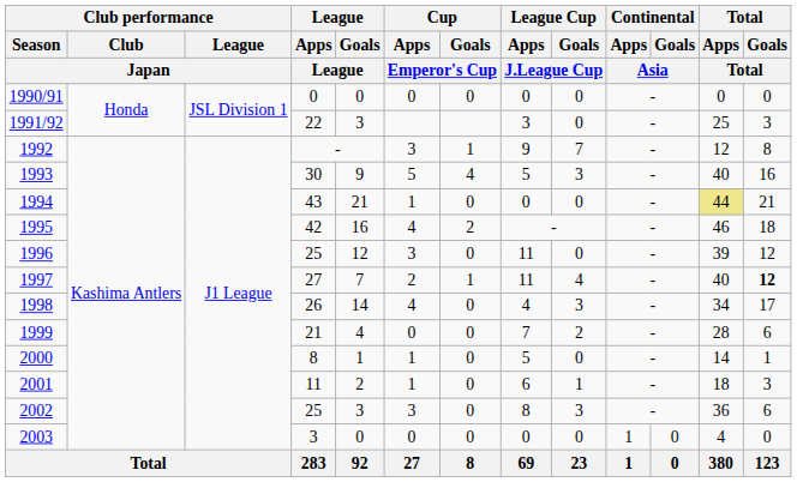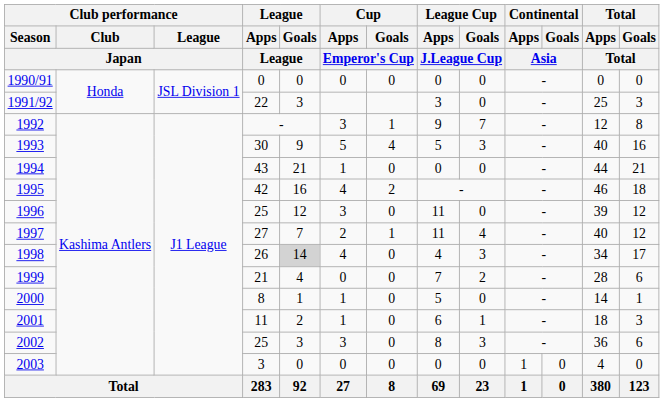 <table class="wikitable" style="text-align:center;">
 <tr>
 <th colspan=3>Club performance</th>
 <th colspan=2>League</th>
 <th colspan=2>Cup</th>
 <th colspan=2>League Cup</th>
 <th colspan=2>Continental</th>
 <th colspan=2>Total</th>
 </tr>
 <tr>
 <th>Season</th>
 <th>Club</th>
 <th>League</th>
 <th>Apps</th>
 <th>Goals</th>
 <th>Apps</th>
 <th>Goals</th>
 <th>Apps</th>
 <th>Goals</th>
 <th>Apps</th>
 <th>Goals</th>
 <th>Apps</th>
 <th>Goals</th>
 </tr>
 <tr>
 <th colspan=3>Japan</th>
 <th colspan=2>League</th>
 <th colspan=2><a href='#'>Emperor's Cup</a></th>
 <th colspan=2><a href='#'>J.League Cup</a></th>
 <th colspan=2><a href='#'>Asia</a></th>
 <th colspan=2>Total</th>
 </tr>
 <tr>
 <td><a href='#'>1990/91</a></td>
 <td rowspan="2"><a href='#'>Honda</a></td>
 <td rowspan="2"><a href='#'>JSL Division 1</a></td>
 <td>0</td>
 <td>0</td>
 <td>0</td>
 <td>0</td>
 <td>0</td>
 <td>0</td>
 <td colspan="2">-</td>
 <td>0</td>
 <td>0</td>
 </tr>
 <tr>
 <td><a href='#'>1991/92</a></td>
 <td>22</td>
 <td>3</td>
 <td></td>
 <td></td>
 <td>3</td>
 <td>0</td>
 <td colspan="2">-</td>
 <td>25</td>
 <td>3</td>
 </tr>
 <tr>
 <td><a href='#'>1992</a></td>
 <td rowspan="12"><a href='#'>Kashima Antlers</a></td>
 <td rowspan="12"><a href='#'>J1 League</a></td>
 <td colspan="2">-</td>
 <td>3</td>
 <td>1</td>
 <td>9</td>
 <td>7</td>
 <td colspan="2">-</td>
 <td>12</td>
 <td>8</td>
 </tr>
 <tr>
 <td><a href='#'>1993</a></td>
 <td>30</td>
 <td>9</td>
 <td>5</td>
 <td>4</td>
 <td>5</td>
 <td>3</td>
 <td colspan="2">-</td>
 <td>40</td>
 <td>16</td>
 </tr>
 <tr>
 <td><a href='#'>1994</a></td>
 <td>43</td>
 <td>21</td>
 <td>1</td>
 <td>0</td>
 <td>0</td>
 <td>0</td>
 <td colspan="2">-</td>
-<td style="background: khaki;">44</td>
+<td>44</td>
 <td>21</td>
 </tr>
 <tr>
 <td><a href='#'>1995</a></td>
 <td>42</td>
 <td>16</td>
 <td>4</td>
 <td>2</td>
 <td colspan="2">-</td>
 <td colspan="2">-</td>
 <td>46</td>
 <td>18</td>
 </tr>
 <tr>
 <td><a href='#'>1996</a></td>
 <td>25</td>
 <td>12</td>
 <td>3</td>
 <td>0</td>
 <td>11</td>
 <td>0</td>
 <td colspan="2">-</td>
 <td>39</td>
 <td>12</td>
 </tr>
 <tr>
 <td><a href='#'>1997</a></td>
 <td>27</td>
 <td>7</td>
 <td>2</td>
 <td>1</td>
 <td>11</td>
 <td>4</td>
 <td colspan="2">-</td>
 <td>40</td>
-<td><strong>12</strong></td>
+<td>12</td>
 </tr>
 <tr>
 <td><a href='#'>1998</a></td>
 <td>26</td>
-<td>14</td>
+<td style="background: lightgrey;">14</td>
 <td>4</td>
 <td>0</td>
 <td>4</td>
 <td>3</td>
 <td colspan="2">-</td>
 <td>34</td>
 <td>17</td>
 </tr>
 <tr>
 <td><a href='#'>1999</a></td>
 <td>21</td>
 <td>4</td>
 <td>0</td>
 <td>0</td>
 <td>7</td>
 <td>2</td>
 <td colspan="2">-</td>
 <td>28</td>
 <td>6</td>
 </tr>
 <tr>
 <td><a href='#'>2000</a></td>
 <td>8</td>
 <td>1</td>
 <td>1</td>
 <td>0</td>
 <td>5</td>
 <td>0</td>
 <td colspan="2">-</td>
 <td>14</td>
 <td>1</td>
 </tr>
 <tr>
 <td><a href='#'>2001</a></td>
 <td>11</td>
 <td>2</td>
 <td>1</td>
 <td>0</td>
 <td>6</td>
 <td>1</td>
 <td colspan="2">-</td>
 <td>18</td>
 <td>3</td>
 </tr>
 <tr>
 <td><a href='#'>2002</a></td>
 <td>25</td>
 <td>3</td>
 <td>3</td>
 <td>0</td>
 <td>8</td>
 <td>3</td>
 <td colspan="2">-</td>
 <td>36</td>
 <td>6</td>
 </tr>
 <tr>
 <td><a href='#'>2003</a></td>
 <td>3</td>
 <td>0</td>
 <td>0</td>
 <td>0</td>
 <td>0</td>
 <td>0</td>
 <td>1</td>
 <td>0</td>
 <td>4</td>
 <td>0</td>
 </tr>
 <tr>
 <th colspan=3>Total</th>
 <th>283</th>
 <th>92</th>
 <th>27</th>
 <th>8</th>
 <th>69</th>
 <th>23</th>
 <th>1</th>
 <th>0</th>
 <th>380</th>
 <th>123</th>
 </tr>
 </table>
